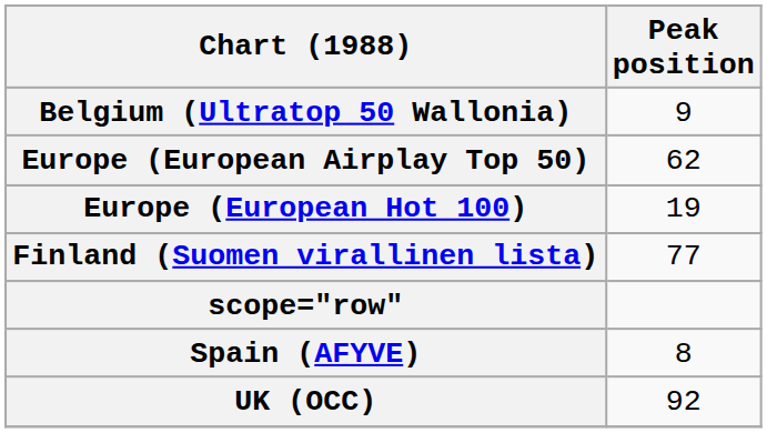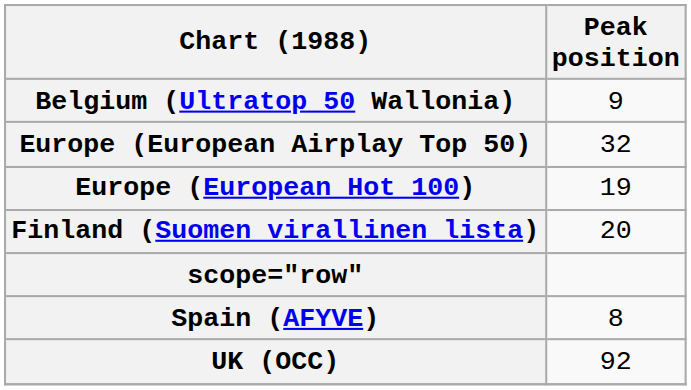 <table class="wikitable sortable plainrowheaders">
 <tr>
 <th>Chart (1988)</th>
 <th>Peak<br>position</th>
 </tr>
 <tr>
 <th scope="row">Belgium (<a href='#'>Ultratop 50</a> Wallonia)</th>
 <td align="center">9</td>
 </tr>
 <tr>
 <th scope="row">Europe (European Airplay Top 50)</th>
-<td align="center">62</td>
+<td align="center">32</td>
 </tr>
 <tr>
 <th scope="row">Europe (<a href='#'>European Hot 100</a>)</th>
 <td align="center">19</td>
 </tr>
 <tr>
 <th scope="row">Finland (<a href='#'>Suomen virallinen lista</a>)</th>
-<td align="center">77</td>
+<td align="center">20</td>
 </tr>
 <tr>
 <th>scope="row"</th>
 </tr>
 <tr>
 <th scope="row">Spain (<a href='#'>AFYVE</a>)</th>
 <td align="center">8</td>
 </tr>
 <tr>
 <th scope="row">UK (OCC)</th>
 <td align="center">92</td>
 </tr>
 <tr>
 </tr>
 </table>
